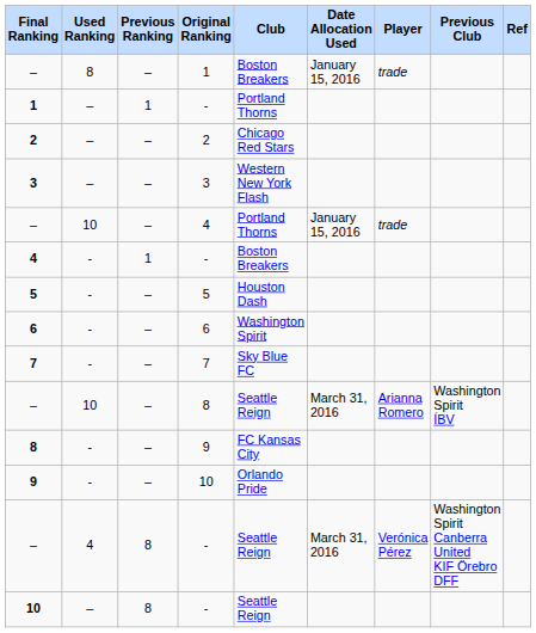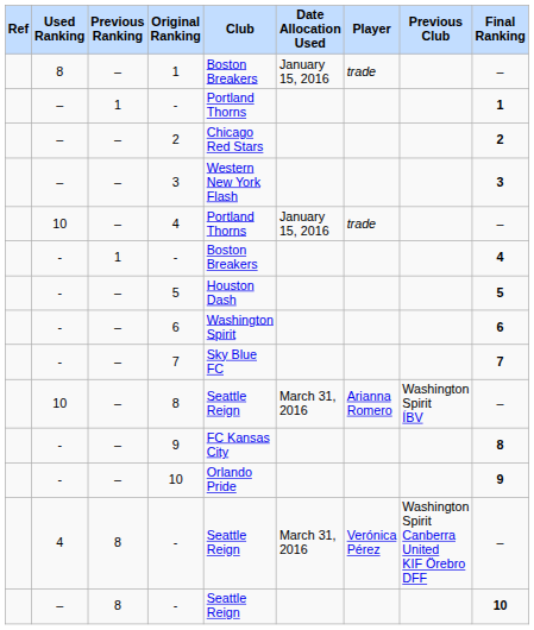 <table class="wikitable sortable" style="text-align:left; font-size:100%;">
 <tr>
-<th style="background:#c2ddff;">Final <br> Ranking</th>
+<th style="background:#c2ddff;">Ref</th>
 <th style="background:#c2ddff;">Used <br> Ranking</th>
 <th style="background:#c2ddff;">Previous <br> Ranking</th>
 <th style="background:#c2ddff;">Original <br> Ranking</th>
 <th style="background:#c2ddff;">Club</th>
 <th style="background:#c2ddff;">Date Allocation Used</th>
 <th style="background:#c2ddff;">Player</th>
 <th style="background:#c2ddff;">Previous Club</th>
-<th style="background:#c2ddff;">Ref</th>
+<th style="background:#c2ddff;">Final <br> Ranking</th>
 </tr>
 <tr>
-<td align="center">–</td>
+<td></td>
 <td align="center">8</td>
 <td align="center">–</td>
 <td align="center">1</td>
 <td><a href='#'>Boston Breakers</a></td>
 <td>January 15, 2016</td>
 <td><em>trade</em></td>
 <td></td>
-<td></td>
+<td align="center">–</td>
 </tr>
 <tr>
-<td align="center"><strong>1</strong></td>
+<td></td>
 <td align="center">–</td>
 <td align="center">1</td>
 <td align="center">-</td>
 <td><a href='#'>Portland Thorns</a></td>
 <td></td>
 <td></td>
 <td></td>
-<td></td>
+<td align="center"><strong>1</strong></td>
 </tr>
 <tr>
-<td align="center"><strong>2</strong></td>
+<td></td>
 <td align="center">–</td>
 <td align="center">–</td>
 <td align="center">2</td>
 <td><a href='#'>Chicago Red Stars</a></td>
 <td></td>
 <td></td>
 <td></td>
-<td></td>
+<td align="center"><strong>2</strong></td>
 </tr>
 <tr>
-<td align="center"><strong>3</strong></td>
+<td></td>
 <td align="center">–</td>
 <td align="center">–</td>
 <td align="center">3</td>
 <td><a href='#'>Western New York Flash</a></td>
 <td></td>
 <td></td>
 <td></td>
-<td></td>
+<td align="center"><strong>3</strong></td>
 </tr>
 <tr>
-<td align="center">–</td>
+<td></td>
 <td align="center">10</td>
 <td align="center">–</td>
 <td align="center">4</td>
 <td><a href='#'>Portland Thorns</a></td>
 <td>January 15, 2016</td>
 <td><em>trade</em></td>
 <td></td>
-<td></td>
+<td align="center">–</td>
 </tr>
 <tr>
-<td align="center"><strong>4</strong></td>
+<td></td>
 <td align="center">-</td>
 <td align="center">1</td>
 <td align="center">-</td>
 <td><a href='#'>Boston Breakers</a></td>
 <td></td>
 <td></td>
 <td></td>
-<td></td>
+<td align="center"><strong>4</strong></td>
 </tr>
 <tr>
-<td align="center"><strong>5</strong></td>
+<td></td>
 <td align="center">-</td>
 <td align="center">–</td>
 <td align="center">5</td>
 <td><a href='#'>Houston Dash</a></td>
 <td></td>
 <td></td>
 <td></td>
-<td></td>
+<td align="center"><strong>5</strong></td>
 </tr>
 <tr>
-<td align="center"><strong>6</strong></td>
+<td></td>
 <td align="center">-</td>
 <td align="center">–</td>
 <td align="center">6</td>
 <td><a href='#'>Washington Spirit</a></td>
 <td></td>
 <td></td>
 <td></td>
-<td></td>
+<td align="center"><strong>6</strong></td>
 </tr>
 <tr>
-<td align="center"><strong>7</strong></td>
+<td></td>
 <td align="center">-</td>
 <td align="center">–</td>
 <td align="center">7</td>
 <td><a href='#'>Sky Blue FC</a></td>
 <td></td>
 <td></td>
 <td></td>
-<td></td>
+<td align="center"><strong>7</strong></td>
 </tr>
 <tr>
-<td align="center">–</td>
+<td></td>
 <td align="center">10</td>
 <td align="center">–</td>
 <td align="center">8</td>
 <td><a href='#'>Seattle Reign</a></td>
 <td>March 31, 2016</td>
 <td><a href='#'>Arianna Romero</a></td>
 <td>Washington Spirit<br><a href='#'>ÍBV</a></td>
-<td></td>
+<td align="center">–</td>
 </tr>
 <tr>
-<td align="center"><strong>8</strong></td>
+<td></td>
 <td align="center">-</td>
 <td align="center">–</td>
 <td align="center">9</td>
 <td><a href='#'>FC Kansas City</a></td>
 <td></td>
 <td></td>
 <td></td>
-<td></td>
+<td align="center"><strong>8</strong></td>
 </tr>
 <tr>
-<td align="center"><strong>9</strong></td>
+<td></td>
 <td align="center">-</td>
 <td align="center">–</td>
 <td align="center">10</td>
 <td><a href='#'>Orlando Pride</a></td>
 <td></td>
 <td></td>
 <td></td>
-<td></td>
+<td align="center"><strong>9</strong></td>
 </tr>
 <tr>
-<td align="center">–</td>
+<td></td>
 <td align="center">4</td>
 <td align="center">8</td>
 <td align="center">-</td>
 <td><a href='#'>Seattle Reign</a></td>
 <td>March 31, 2016</td>
 <td><a href='#'>Verónica Pérez</a></td>
 <td>Washington Spirit<br><a href='#'>Canberra United</a><br><a href='#'>KIF Örebro DFF</a></td>
-<td></td>
+<td align="center">–</td>
 </tr>
 <tr>
-<td align="center"><strong>10</strong></td>
+<td></td>
 <td align="center">–</td>
 <td align="center">8</td>
 <td align="center">-</td>
 <td><a href='#'>Seattle Reign</a></td>
 <td></td>
 <td></td>
 <td></td>
-<td></td>
+<td align="center"><strong>10</strong></td>
 </tr>
 </table>
